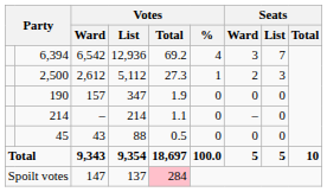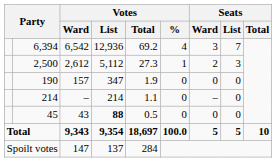 <table class=wikitable style="text-align:right">
 <tr>
 <th rowspan="2" colspan="2">Party</th>
 <th colspan="4" align="center">Votes</th>
 <th colspan="3" align="center">Seats</th>
 </tr>
 <tr>
 <th>Ward</th>
 <th>List</th>
 <th>Total</th>
 <th>%</th>
 <th>Ward</th>
 <th>List</th>
 <th>Total</th>
 </tr>
 <tr>
 <td></td>
 <td>6,394</td>
 <td>6,542</td>
 <td>12,936</td>
 <td>69.2</td>
 <td>4</td>
 <td>3</td>
 <td>7</td>
 </tr>
 <tr>
 <td></td>
 <td>2,500</td>
 <td>2,612</td>
 <td>5,112</td>
 <td>27.3</td>
 <td>1</td>
 <td>2</td>
 <td>3</td>
 </tr>
 <tr>
 <td></td>
 <td>190</td>
 <td>157</td>
 <td>347</td>
 <td>1.9</td>
 <td>0</td>
 <td>0</td>
 <td>0</td>
 </tr>
 <tr>
 <td></td>
 <td>214</td>
 <td>–</td>
 <td>214</td>
 <td>1.1</td>
 <td>0</td>
 <td>–</td>
 <td>0</td>
 </tr>
 <tr>
 <td></td>
 <td>45</td>
 <td>43</td>
-<td>88</td>
+<td><strong>88</strong></td>
 <td>0.5</td>
 <td>0</td>
 <td>0</td>
 <td>0</td>
 </tr>
 <tr>
 <td colspan="2" style="text-align:left"><strong>Total</strong></td>
 <td><strong>9,343</strong></td>
 <td><strong>9,354</strong></td>
 <td><strong>18,697</strong></td>
 <td><strong>100.0</strong></td>
 <td><strong>5</strong></td>
 <td><strong>5</strong></td>
 <td><strong>10</strong></td>
 </tr>
 <tr>
 <td colspan="2" style="text-align:left">Spoilt votes</td>
 <td>147</td>
 <td>137</td>
-<td style="background: pink;">284</td>
+<td>284</td>
 </tr>
 </table>
